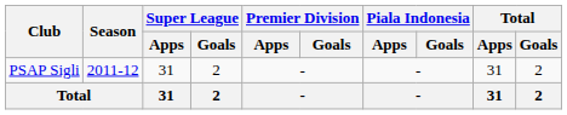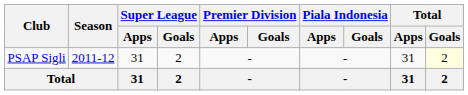 <table class="wikitable" style="font-size:90%; text-align:center;">
 <tr>
 <th rowspan="2">Club</th>
 <th rowspan="2">Season</th>
 <th colspan="2"><a href='#'>Super League</a></th>
 <th colspan="2"><a href='#'>Premier Division</a></th>
 <th colspan="2"><a href='#'>Piala Indonesia</a></th>
 <th colspan="2">Total</th>
 </tr>
 <tr>
 <th>Apps</th>
 <th>Goals</th>
 <th>Apps</th>
 <th>Goals</th>
 <th>Apps</th>
 <th>Goals</th>
 <th>Apps</th>
 <th>Goals</th>
 </tr>
 <tr>
 <td rowspan="1"><a href='#'>PSAP Sigli</a></td>
 <td><a href='#'>2011-12</a></td>
 <td>31</td>
 <td>2</td>
 <td colspan="2">-</td>
 <td colspan="2">-</td>
 <td>31</td>
-<td>2</td>
+<td style="background: lightyellow;">2</td>
 </tr>
 <tr>
 <th colspan="2">Total</th>
 <th>31</th>
 <th>2</th>
 <th colspan="2">-</th>
 <th colspan="2">-</th>
 <th>31</th>
 <th>2</th>
 </tr>
 </table>
